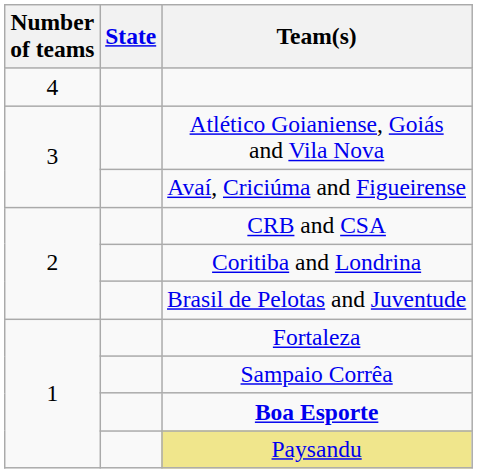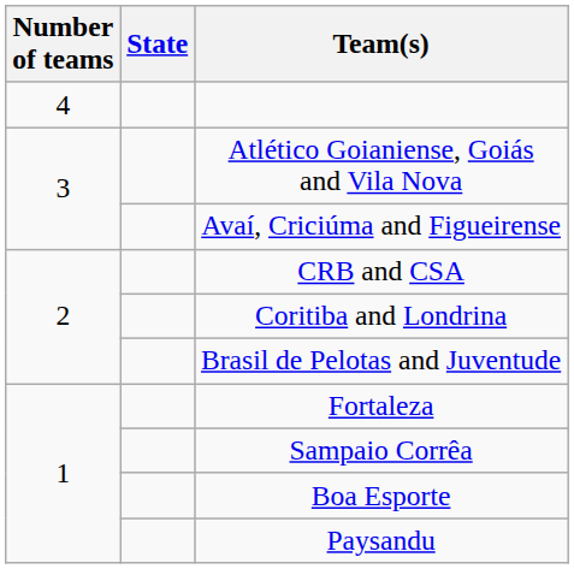 <table class="wikitable" style="text-align:center">
 <tr>
 <th>Number<br>of teams</th>
 <th><a href='#'>State</a></th>
 <th>Team(s)</th>
 </tr>
 <tr>
 <td>4</td>
 <td align=left></td>
 <td></td>
 </tr>
 <tr>
 <td rowspan=2>3</td>
 <td align=left></td>
 <td><a href='#'>Atlético Goianiense</a>, <a href='#'>Goiás</a><br>and <a href='#'>Vila Nova</a></td>
 </tr>
 <tr>
 <td align=left></td>
 <td><a href='#'>Avaí</a>, <a href='#'>Criciúma</a> and <a href='#'>Figueirense</a></td>
 </tr>
 <tr>
 <td rowspan=3>2</td>
 <td align=left></td>
 <td><a href='#'>CRB</a> and <a href='#'>CSA</a></td>
 </tr>
 <tr>
 <td align=left></td>
 <td><a href='#'>Coritiba</a> and <a href='#'>Londrina</a></td>
 </tr>
 <tr>
 <td align=left></td>
 <td><a href='#'>Brasil de Pelotas</a> and <a href='#'>Juventude</a></td>
 </tr>
 <tr>
 <td rowspan=4>1</td>
 <td align=left></td>
 <td><a href='#'>Fortaleza</a></td>
 </tr>
 <tr>
 <td align=left></td>
 <td><a href='#'>Sampaio Corrêa</a></td>
 </tr>
 <tr>
 <td align=left></td>
-<td><strong><a href='#'>Boa Esporte</a></strong></td>
+<td><a href='#'>Boa Esporte</a></td>
 </tr>
 <tr>
 <td align=left></td>
-<td style="background: khaki;"><a href='#'>Paysandu</a></td>
+<td><a href='#'>Paysandu</a></td>
 </tr>
 </table>
